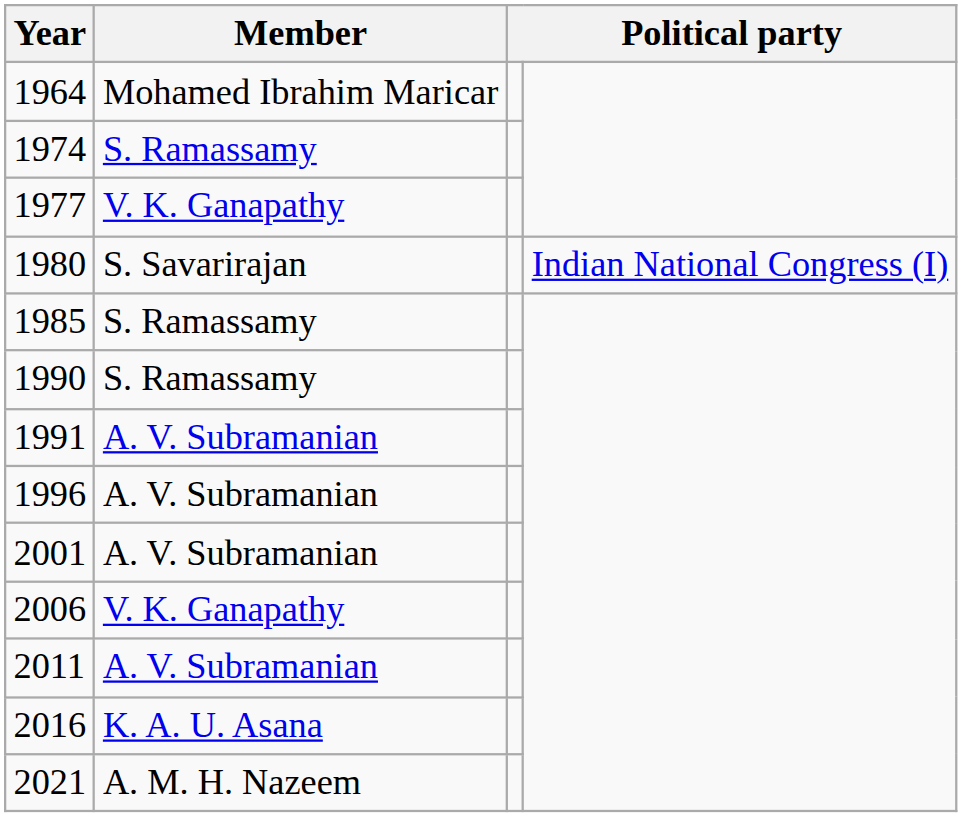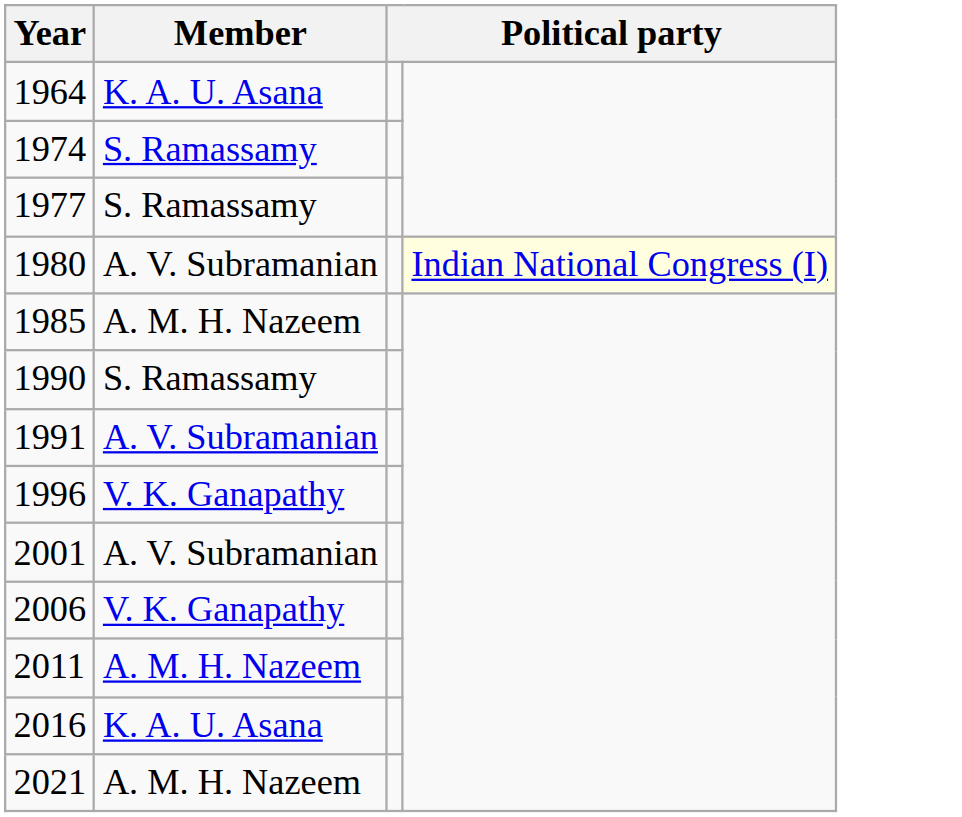 <table class="wikitable sortable">
 <tr>
 <th>Year</th>
 <th>Member</th>
 <th colspan="2">Political party</th>
 </tr>
 <tr>
 <td>1964</td>
-<td>Mohamed Ibrahim Maricar</td>
+<td><a href='#'>K. A. U. Asana</a></td>
 <td></td>
 </tr>
 <tr>
 <td>1974</td>
 <td><a href='#'>S. Ramassamy</a></td>
 <td></td>
 </tr>
 <tr>
 <td>1977</td>
-<td><a href='#'>V. K. Ganapathy</a></td>
+<td>S. Ramassamy</td>
 <td></td>
 </tr>
 <tr>
 <td>1980</td>
-<td>S. Savarirajan</td>
+<td>A. V. Subramanian</td>
 <td style="background-color: "></td>
-<td><a href='#'>Indian National Congress (I)</a></td>
+<td style="background: lightyellow;"><a href='#'>Indian National Congress (I)</a></td>
 </tr>
 <tr>
 <td>1985</td>
-<td>S. Ramassamy</td>
+<td>A. M. H. Nazeem</td>
 <td></td>
 </tr>
 <tr>
 <td>1990</td>
 <td>S. Ramassamy</td>
 <td></td>
 </tr>
 <tr>
 <td>1991</td>
 <td><a href='#'>A. V. Subramanian</a></td>
 <td></td>
 </tr>
 <tr>
 <td>1996</td>
-<td>A. V. Subramanian</td>
+<td><a href='#'>V. K. Ganapathy</a></td>
 <td></td>
 </tr>
 <tr>
 <td>2001</td>
 <td>A. V. Subramanian</td>
 <td></td>
 </tr>
 <tr>
 <td>2006</td>
 <td><a href='#'>V. K. Ganapathy</a></td>
 <td></td>
 </tr>
 <tr>
 <td>2011</td>
-<td><a href='#'>A. V. Subramanian</a></td>
+<td><a href='#'>A. M. H. Nazeem</a></td>
 <td></td>
 </tr>
 <tr>
 <td>2016</td>
 <td><a href='#'>K. A. U. Asana</a></td>
 <td></td>
 </tr>
 <tr>
 <td>2021</td>
 <td>A. M. H. Nazeem</td>
 <td></td>
 </tr>
 </table>
